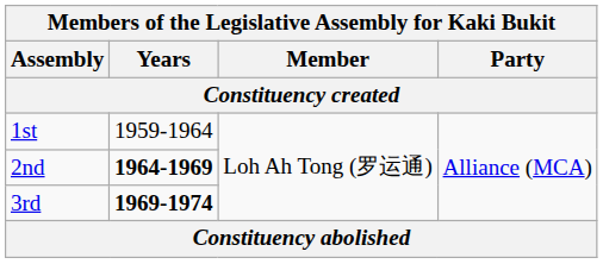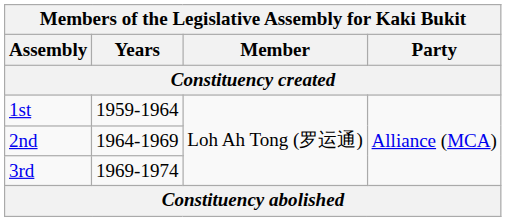 <table class="wikitable">
 <tr>
 <th colspan="4">Members of the Legislative Assembly for Kaki Bukit</th>
 </tr>
 <tr>
 <th>Assembly</th>
 <th>Years</th>
 <th>Member</th>
 <th>Party</th>
 </tr>
 <tr>
 <th colspan="4" align="center"><em>Constituency created</em></th>
 </tr>
 <tr>
 <td><a href='#'>1st</a></td>
 <td>1959-1964</td>
 <td rowspan="3">Loh Ah Tong (罗运通)</td>
 <td rowspan="3"><a href='#'>Alliance</a> (<a href='#'>MCA</a>)</td>
 </tr>
 <tr>
 <td><a href='#'>2nd</a></td>
-<td><strong>1964-1969</strong></td>
+<td>1964-1969</td>
 </tr>
 <tr>
 <td><a href='#'>3rd</a></td>
-<td><strong>1969-1974</strong></td>
+<td>1969-1974</td>
 </tr>
 <tr>
 <th colspan="4"><em>Constituency abolished</em></th>
 </tr>
 </table>
